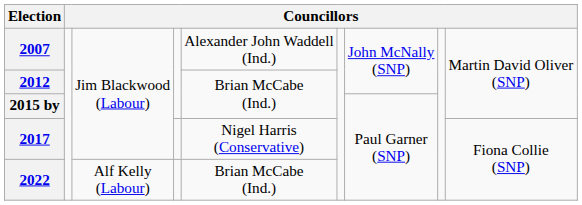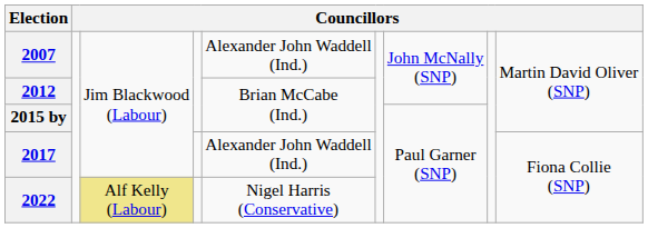 <table class="wikitable" style="text-align:center">
 <tr>
 <th>Election</th>
 <th colspan=8>Councillors</th>
 </tr>
 <tr>
 <th><a href='#'>2007</a></th>
 <td rowspan=5; style="background-color: "></td>
 <td rowspan=4>Jim Blackwood<br>(<a href='#'>Labour</a>)</td>
 <td rowspan=3; style="background-color: "></td>
 <td rowspan=1>Alexander John Waddell<br>(Ind.)</td>
 <td rowspan=5; style="background-color: "></td>
 <td rowspan=2><a href='#'>John McNally</a><br>(<a href='#'>SNP</a>)</td>
 <td rowspan=5; style="background-color: "></td>
 <td rowspan=3>Martin David Oliver<br>(<a href='#'>SNP</a>)</td>
 </tr>
 <tr>
 <th><a href='#'>2012</a></th>
 <td rowspan=2>Brian McCabe<br>(Ind.)</td>
 </tr>
 <tr>
 <th>2015 by</th>
 <td rowspan=3>Paul Garner<br>(<a href='#'>SNP</a>)</td>
 </tr>
 <tr>
 <th><a href='#'>2017</a></th>
 <td rowspan=1; style="background-color: "></td>
-<td rowspan=1>Nigel Harris<br>(<a href='#'>Conservative</a>)</td>
+<td rowspan=1>Alexander John Waddell<br>(Ind.)</td>
 <td rowspan=2>Fiona Collie<br>(<a href='#'>SNP</a>)</td>
 </tr>
 <tr>
 <th><a href='#'>2022</a></th>
-<td rowspan=1>Alf Kelly<br>(<a href='#'>Labour</a>)</td>
+<td rowspan=1 style="background: khaki;">Alf Kelly<br>(<a href='#'>Labour</a>)</td>
 <td rowspan=1; style="background-color: "></td>
-<td rowspan=1>Brian McCabe<br>(Ind.)</td>
+<td rowspan=1>Nigel Harris<br>(<a href='#'>Conservative</a>)</td>
 </tr>
 </table>
